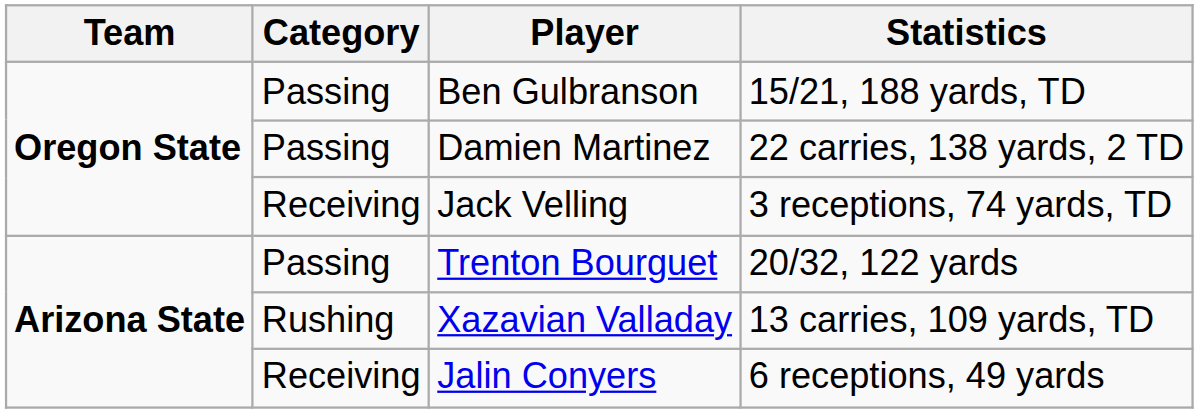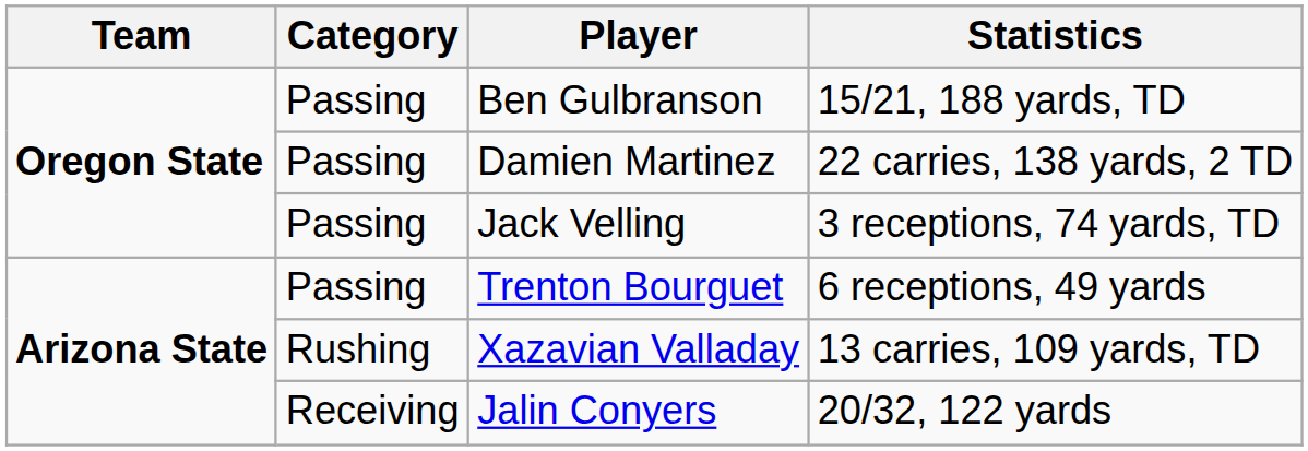 <table class="wikitable" style="float: right;">
 <tr>
 <th>Team</th>
 <th>Category</th>
 <th>Player</th>
 <th>Statistics</th>
 </tr>
 <tr>
 <td rowspan=3><strong>Oregon State</strong></td>
 <td>Passing</td>
 <td>Ben Gulbranson</td>
 <td>15/21, 188 yards, TD</td>
 </tr>
 <tr>
 <td>Passing</td>
 <td>Damien Martinez</td>
 <td>22 carries, 138 yards, 2 TD</td>
 </tr>
 <tr>
-<td>Receiving</td>
+<td>Passing</td>
 <td>Jack Velling</td>
 <td>3 receptions, 74 yards, TD</td>
 </tr>
 <tr>
 <td rowspan=3><strong>Arizona State</strong></td>
 <td>Passing</td>
 <td><a href='#'>Trenton Bourguet</a></td>
-<td>20/32, 122 yards</td>
+<td>6 receptions, 49 yards</td>
 </tr>
 <tr>
 <td>Rushing</td>
 <td><a href='#'>Xazavian Valladay</a></td>
 <td>13 carries, 109 yards, TD</td>
 </tr>
 <tr>
 <td>Receiving</td>
 <td><a href='#'>Jalin Conyers</a></td>
-<td>6 receptions, 49 yards</td>
+<td>20/32, 122 yards</td>
 </tr>
 </table>
